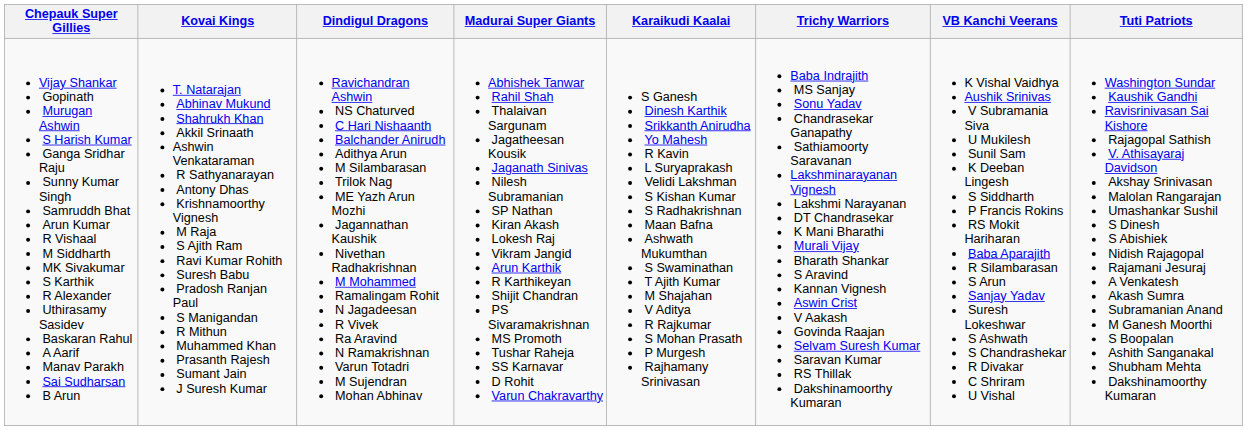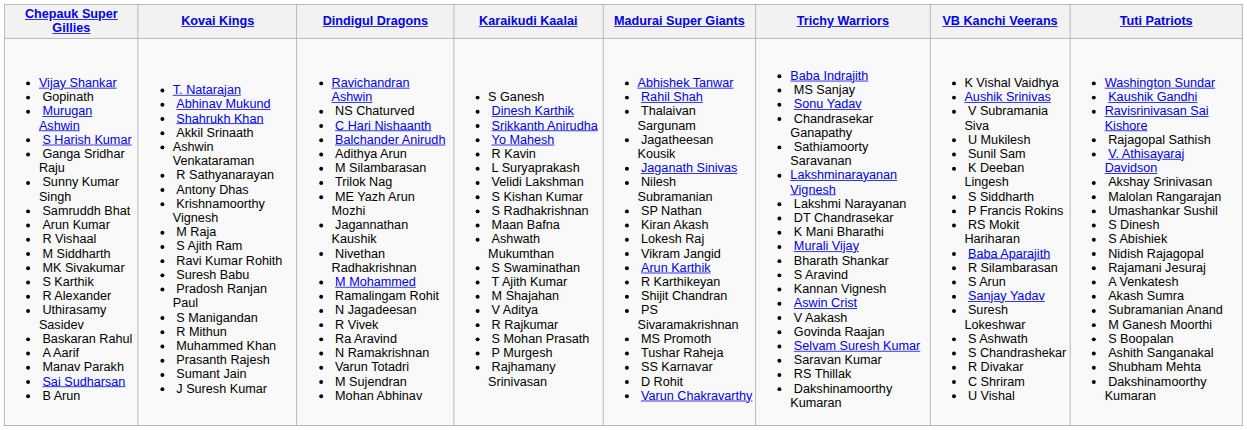 <table class="wikitable  mw-collapsible mw-collapsed">
 <tr>
 <th scope="col"><a href='#'>Chepauk Super Gillies</a></th>
 <th scope="col"><a href='#'>Kovai Kings</a></th>
 <th scope="col"><a href='#'>Dindigul Dragons</a></th>
+<th scope="col"><a href='#'>Karaikudi Kaalai</a></th>
 <th scope="col"><a href='#'>Madurai Super Giants</a></th>
-<th scope="col"><a href='#'>Karaikudi Kaalai</a></th>
 <th scope="col"><a href='#'>Trichy Warriors</a></th>
 <th scope="col"><a href='#'>VB Kanchi Veerans</a></th>
 <th scope="col"><a href='#'>Tuti Patriots</a></th>
 </tr>
 <tr>
 <td><br><ul><li><a href='#'>Vijay Shankar</a></li><li> Gopinath</li><li> <a href='#'>Murugan Ashwin</a></li><li> <a href='#'>S Harish Kumar</a></li><li> Ganga Sridhar Raju</li><li> Sunny Kumar Singh</li><li> Samruddh Bhat</li><li> Arun Kumar</li><li> R Vishaal</li><li> M Siddharth</li><li> MK Sivakumar</li><li> S Karthik</li><li> R Alexander</li><li> Uthirasamy Sasidev</li><li> Baskaran Rahul</li><li> A Aarif</li><li> Manav Parakh</li><li> <a href='#'>Sai Sudharsan</a></li><li> B Arun</li></ul></td>
 <td><br><ul><li><a href='#'>T. Natarajan</a></li><li> <a href='#'>Abhinav Mukund</a></li><li> <a href='#'>Shahrukh Khan</a></li><li> Akkil Srinaath</li><li>Ashwin Venkataraman</li><li> R Sathyanarayan</li><li> Antony Dhas</li><li> Krishnamoorthy Vignesh</li><li> M Raja</li><li> S Ajith Ram</li><li> Ravi Kumar Rohith</li><li> Suresh Babu</li><li> Pradosh Ranjan Paul</li><li> S Manigandan</li><li> R Mithun</li><li> Muhammed Khan</li><li> Prasanth Rajesh</li><li> Sumant Jain</li><li> J Suresh Kumar</li></ul></td>
 <td><br><ul><li><a href='#'>Ravichandran Ashwin</a></li><li> NS Chaturved</li><li> <a href='#'>C Hari Nishaanth</a></li><li> <a href='#'>Balchander Anirudh</a></li><li> Adithya Arun</li><li> M Silambarasan</li><li> Trilok Nag</li><li> ME Yazh Arun Mozhi</li><li> Jagannathan Kaushik</li><li> Nivethan Radhakrishnan</li><li> <a href='#'>M Mohammed</a></li><li> Ramalingam Rohit</li><li> N Jagadeesan</li><li> R Vivek</li><li> Ra Aravind</li><li> N Ramakrishnan</li><li> Varun Totadri</li><li> M Sujendran</li><li> Mohan Abhinav</li></ul></td>
+<td><br><ul><li>S Ganesh</li><li> <a href='#'>Dinesh Karthik</a></li><li> <a href='#'>Srikkanth Anirudha</a></li><li> <a href='#'>Yo Mahesh</a></li><li> R Kavin</li><li> L Suryaprakash</li><li> Velidi Lakshman</li><li> S Kishan Kumar</li><li> S Radhakrishnan</li><li> Maan Bafna</li><li> Ashwath Mukumthan</li><li> S Swaminathan</li><li> T Ajith Kumar</li><li> M Shajahan</li><li> V Aditya</li><li> R Rajkumar</li><li> S Mohan Prasath</li><li> P Murgesh</li><li> Rajhamany Srinivasan</li></ul></td>
 <td><br><ul><li><a href='#'>Abhishek Tanwar</a></li><li> <a href='#'>Rahil Shah</a></li><li> Thalaivan Sargunam</li><li> Jagatheesan Kousik</li><li> <a href='#'>Jaganath Sinivas</a></li><li> Nilesh Subramanian</li><li> SP Nathan</li><li> Kiran Akash</li><li> Lokesh Raj</li><li> Vikram Jangid</li><li> <a href='#'>Arun Karthik</a></li><li> R Karthikeyan</li><li> Shijit Chandran</li><li> PS Sivaramakrishnan</li><li> MS Promoth</li><li> Tushar Raheja</li><li> SS Karnavar</li><li> D Rohit</li><li> <a href='#'>Varun Chakravarthy</a></li></ul></td>
-<td><br><ul><li>S Ganesh</li><li> <a href='#'>Dinesh Karthik</a></li><li> <a href='#'>Srikkanth Anirudha</a></li><li> <a href='#'>Yo Mahesh</a></li><li> R Kavin</li><li> L Suryaprakash</li><li> Velidi Lakshman</li><li> S Kishan Kumar</li><li> S Radhakrishnan</li><li> Maan Bafna</li><li> Ashwath Mukumthan</li><li> S Swaminathan</li><li> T Ajith Kumar</li><li> M Shajahan</li><li> V Aditya</li><li> R Rajkumar</li><li> S Mohan Prasath</li><li> P Murgesh</li><li> Rajhamany Srinivasan</li></ul></td>
 <td><br><ul><li><a href='#'>Baba Indrajith</a></li><li> MS Sanjay</li><li> <a href='#'>Sonu Yadav</a></li><li> Chandrasekar Ganapathy</li><li> Sathiamoorty Saravanan</li><li><a href='#'>Lakshminarayanan Vignesh</a></li><li> Lakshmi Narayanan</li><li> DT Chandrasekar</li><li> K Mani Bharathi</li><li> <a href='#'>Murali Vijay</a></li><li> Bharath Shankar</li><li> S Aravind</li><li> Kannan Vignesh</li><li> <a href='#'>Aswin Crist</a></li><li> V Aakash</li><li> Govinda Raajan</li><li> <a href='#'>Selvam Suresh Kumar</a></li><li> Saravan Kumar</li><li> RS Thillak</li><li> Dakshinamoorthy Kumaran</li></ul></td>
 <td><br><ul><li>K Vishal Vaidhya</li><li><a href='#'>Aushik Srinivas</a></li><li> V Subramania Siva</li><li> U Mukilesh</li><li> Sunil Sam</li><li> K Deeban Lingesh</li><li> S Siddharth</li><li> P Francis Rokins</li><li> RS Mokit Hariharan</li><li> <a href='#'>Baba Aparajith</a></li><li> R Silambarasan</li><li> S Arun</li><li> <a href='#'>Sanjay Yadav</a></li><li> Suresh Lokeshwar</li><li> S Ashwath</li><li> S Chandrashekar</li><li> R Divakar</li><li> C Shriram</li><li> U Vishal</li></ul></td>
 <td><br><ul><li><a href='#'>Washington Sundar</a></li><li> <a href='#'>Kaushik Gandhi</a></li><li><a href='#'>Ravisrinivasan Sai Kishore</a></li><li> Rajagopal Sathish</li><li> <a href='#'>V. Athisayaraj Davidson</a></li><li> Akshay Srinivasan</li><li> Malolan Rangarajan</li><li> Umashankar Sushil</li><li> S Dinesh</li><li> S Abishiek</li><li> Nidish Rajagopal</li><li> Rajamani Jesuraj</li><li> A Venkatesh</li><li> Akash Sumra</li><li> Subramanian Anand</li><li> M Ganesh Moorthi</li><li> S Boopalan</li><li> Ashith Sanganakal</li><li> Shubham Mehta</li><li> Dakshinamoorthy Kumaran</li></ul></td>
 </tr>
 </table>
